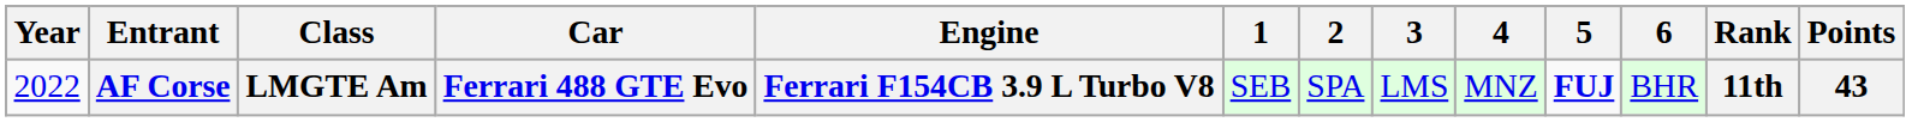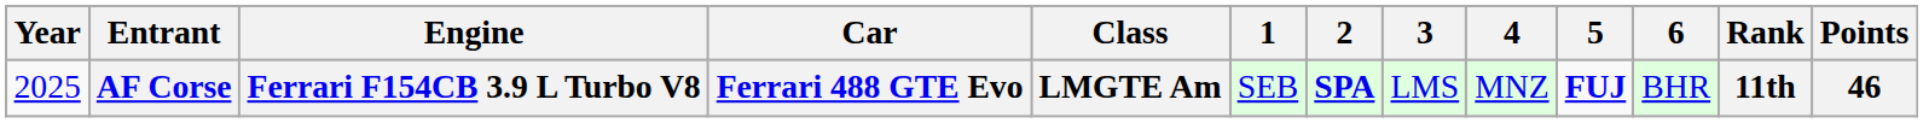 <table class="wikitable" style="text-align:center; font-size:85%">
 <tr>
 <th>Year</th>
 <th>Entrant</th>
+<th>Engine</th>
+<th>Car</th>
 <th>Class</th>
-<th>Car</th>
-<th>Engine</th>
 <th>1</th>
 <th>2</th>
 <th>3</th>
 <th>4</th>
 <th>5</th>
 <th>6</th>
 <th>Rank</th>
 <th>Points</th>
 </tr>
 <tr>
-<td><a href='#'>2022</a></td>
+<td><a href='#'>2025</a></td>
 <th nowrap><a href='#'>AF Corse</a></th>
+<th nowrap><a href='#'>Ferrari F154CB</a> 3.9 L Turbo V8</th>
+<th nowrap><a href='#'>Ferrari 488 GTE</a> Evo</th>
 <th nowrap>LMGTE Am</th>
-<th nowrap><a href='#'>Ferrari 488 GTE</a> Evo</th>
-<th nowrap><a href='#'>Ferrari F154CB</a> 3.9 L Turbo V8</th>
 <td style="background:#DFFFDF"><a href='#'>SEB</a><br></td>
-<td style="background:#DFFFDF"><a href='#'>SPA</a><br></td>
+<td style="background:#DFFFDF"><strong><a href='#'>SPA</a><br></strong></td>
 <td style="background:#DFFFDF"><a href='#'>LMS</a><br></td>
 <td style="background:#DFFFDF"><a href='#'>MNZ</a><br></td>
 <td><strong><a href='#'>FUJ</a></strong></td>
 <td style="background:#DFFFDF"><a href='#'>BHR</a><br></td>
 <th>11th</th>
-<th>43</th>
+<th>46</th>
 </tr>
 </table>
